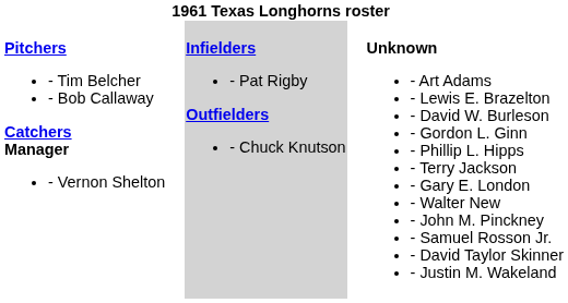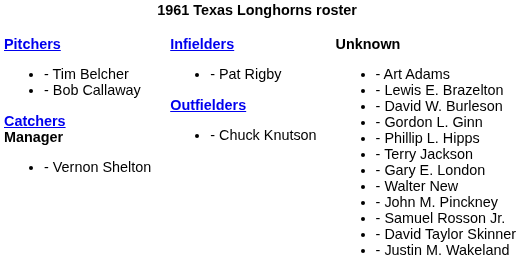 <table class="toccolours" style="border-collapse:collapse; font-size:90%;">
 <tr>
 <th colspan=9>1961 Texas Longhorns roster</th>
 </tr>
 <tr>
 <td width="03"> </td>
 <td valign="top"><br><strong><a href='#'>Pitchers</a></strong><ul><li>- Tim Belcher</li><li>- Bob Callaway</li></ul><strong><a href='#'>Catchers</a></strong><br><strong>Manager</strong><ul><li>- Vernon Shelton</li></ul></td>
 <td width="15"> </td>
-<td valign="top" style="background: lightgrey;"><br><strong><a href='#'>Infielders</a></strong><ul><li>- Pat Rigby</li></ul><strong><a href='#'>Outfielders</a></strong><ul><li>- Chuck Knutson</li></ul></td>
+<td valign="top"><br><strong><a href='#'>Infielders</a></strong><ul><li>- Pat Rigby</li></ul><strong><a href='#'>Outfielders</a></strong><ul><li>- Chuck Knutson</li></ul></td>
 <td width="15"> </td>
 <td valign="top"><br><strong>Unknown</strong><ul><li>- Art Adams</li><li>- Lewis E. Brazelton</li><li>- David W. Burleson</li><li>- Gordon L. Ginn</li><li>- Phillip L. Hipps</li><li>- Terry Jackson</li><li>- Gary E. London</li><li>- Walter New</li><li>- John M. Pinckney</li><li>- Samuel Rosson Jr.</li><li>- David Taylor Skinner</li><li>- Justin M. Wakeland</li></ul></td>
 </tr>
 </table>
